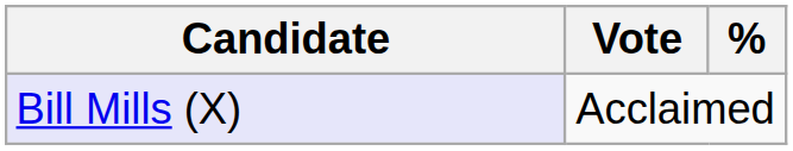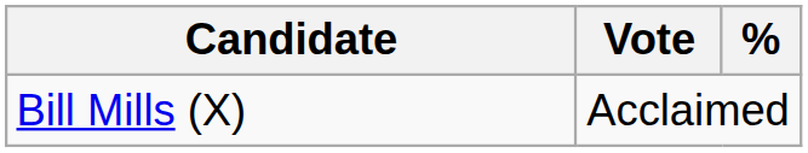 <table class="wikitable">
 <tr>
 <th bgcolor="#DDDDFF" width="200px">Candidate</th>
 <th bgcolor="#DDDDFF">Vote</th>
 <th bgcolor="#DDDDFF">%</th>
 </tr>
 <tr>
-<td style="background: lavender;"><a href='#'>Bill Mills</a> (X)</td>
+<td><a href='#'>Bill Mills</a> (X)</td>
 <td colspan="2">Acclaimed</td>
 </tr>
 </table>
